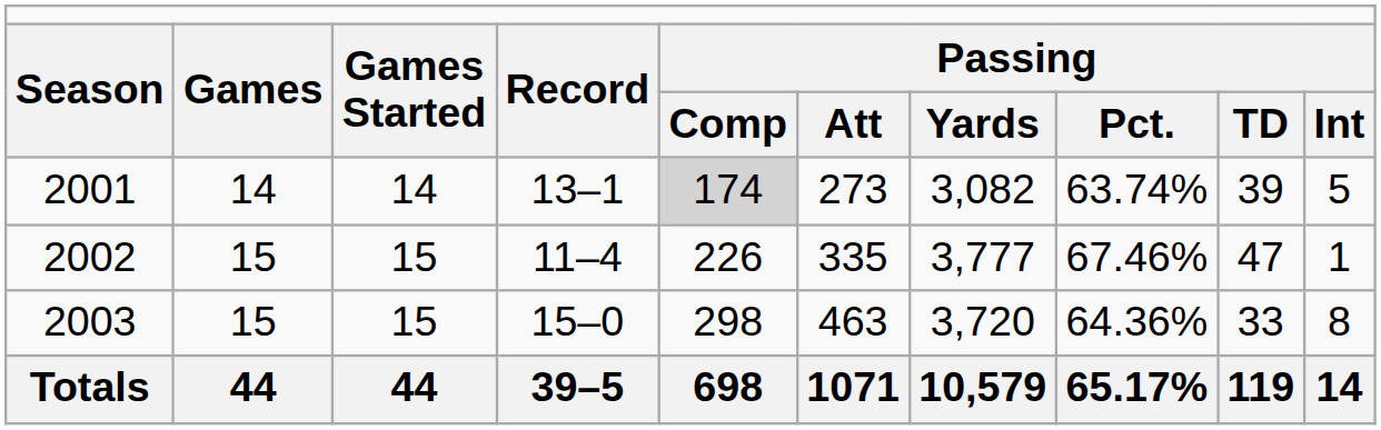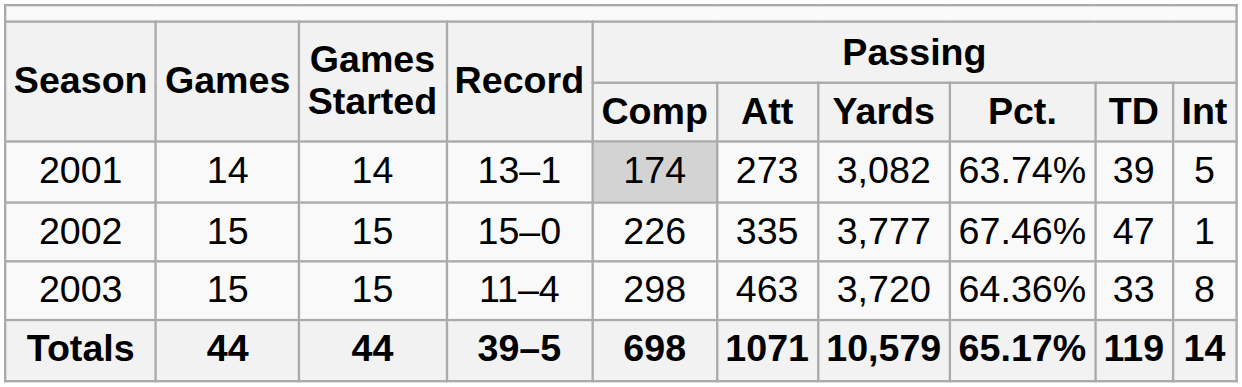 <table class=wikitable style="text-align:center;">
 <tr>
 <td ! colspan="17"></td>
 </tr>
 <tr>
 <th rowspan=2>Season</th>
 <th rowspan=2>Games</th>
 <th rowspan=2>Games<br>Started</th>
 <th rowspan=2>Record</th>
 <th colspan=6>Passing</th>
 </tr>
 <tr>
 <th>Comp</th>
 <th>Att</th>
 <th>Yards</th>
 <th>Pct.</th>
 <th>TD</th>
 <th>Int</th>
 </tr>
 <tr>
 <td>2001</td>
 <td>14</td>
 <td>14</td>
 <td>13–1</td>
 <td style="background: lightgrey;">174</td>
 <td>273</td>
 <td>3,082</td>
 <td>63.74%</td>
 <td>39</td>
 <td>5</td>
 </tr>
 <tr>
 <td>2002</td>
 <td>15</td>
 <td>15</td>
-<td>11–4</td>
+<td>15–0</td>
 <td>226</td>
 <td>335</td>
 <td>3,777</td>
 <td>67.46%</td>
 <td>47</td>
 <td>1</td>
 </tr>
 <tr>
 <td>2003</td>
 <td>15</td>
 <td>15</td>
-<td>15–0</td>
+<td>11–4</td>
 <td>298</td>
 <td>463</td>
 <td>3,720</td>
 <td>64.36%</td>
 <td>33</td>
 <td>8</td>
 </tr>
 <tr>
 <th>Totals</th>
 <th>44</th>
 <th>44</th>
 <th>39–5</th>
 <th>698</th>
 <th>1071</th>
 <th>10,579</th>
 <th>65.17%</th>
 <th>119</th>
 <th>14</th>
 </tr>
 </table>
